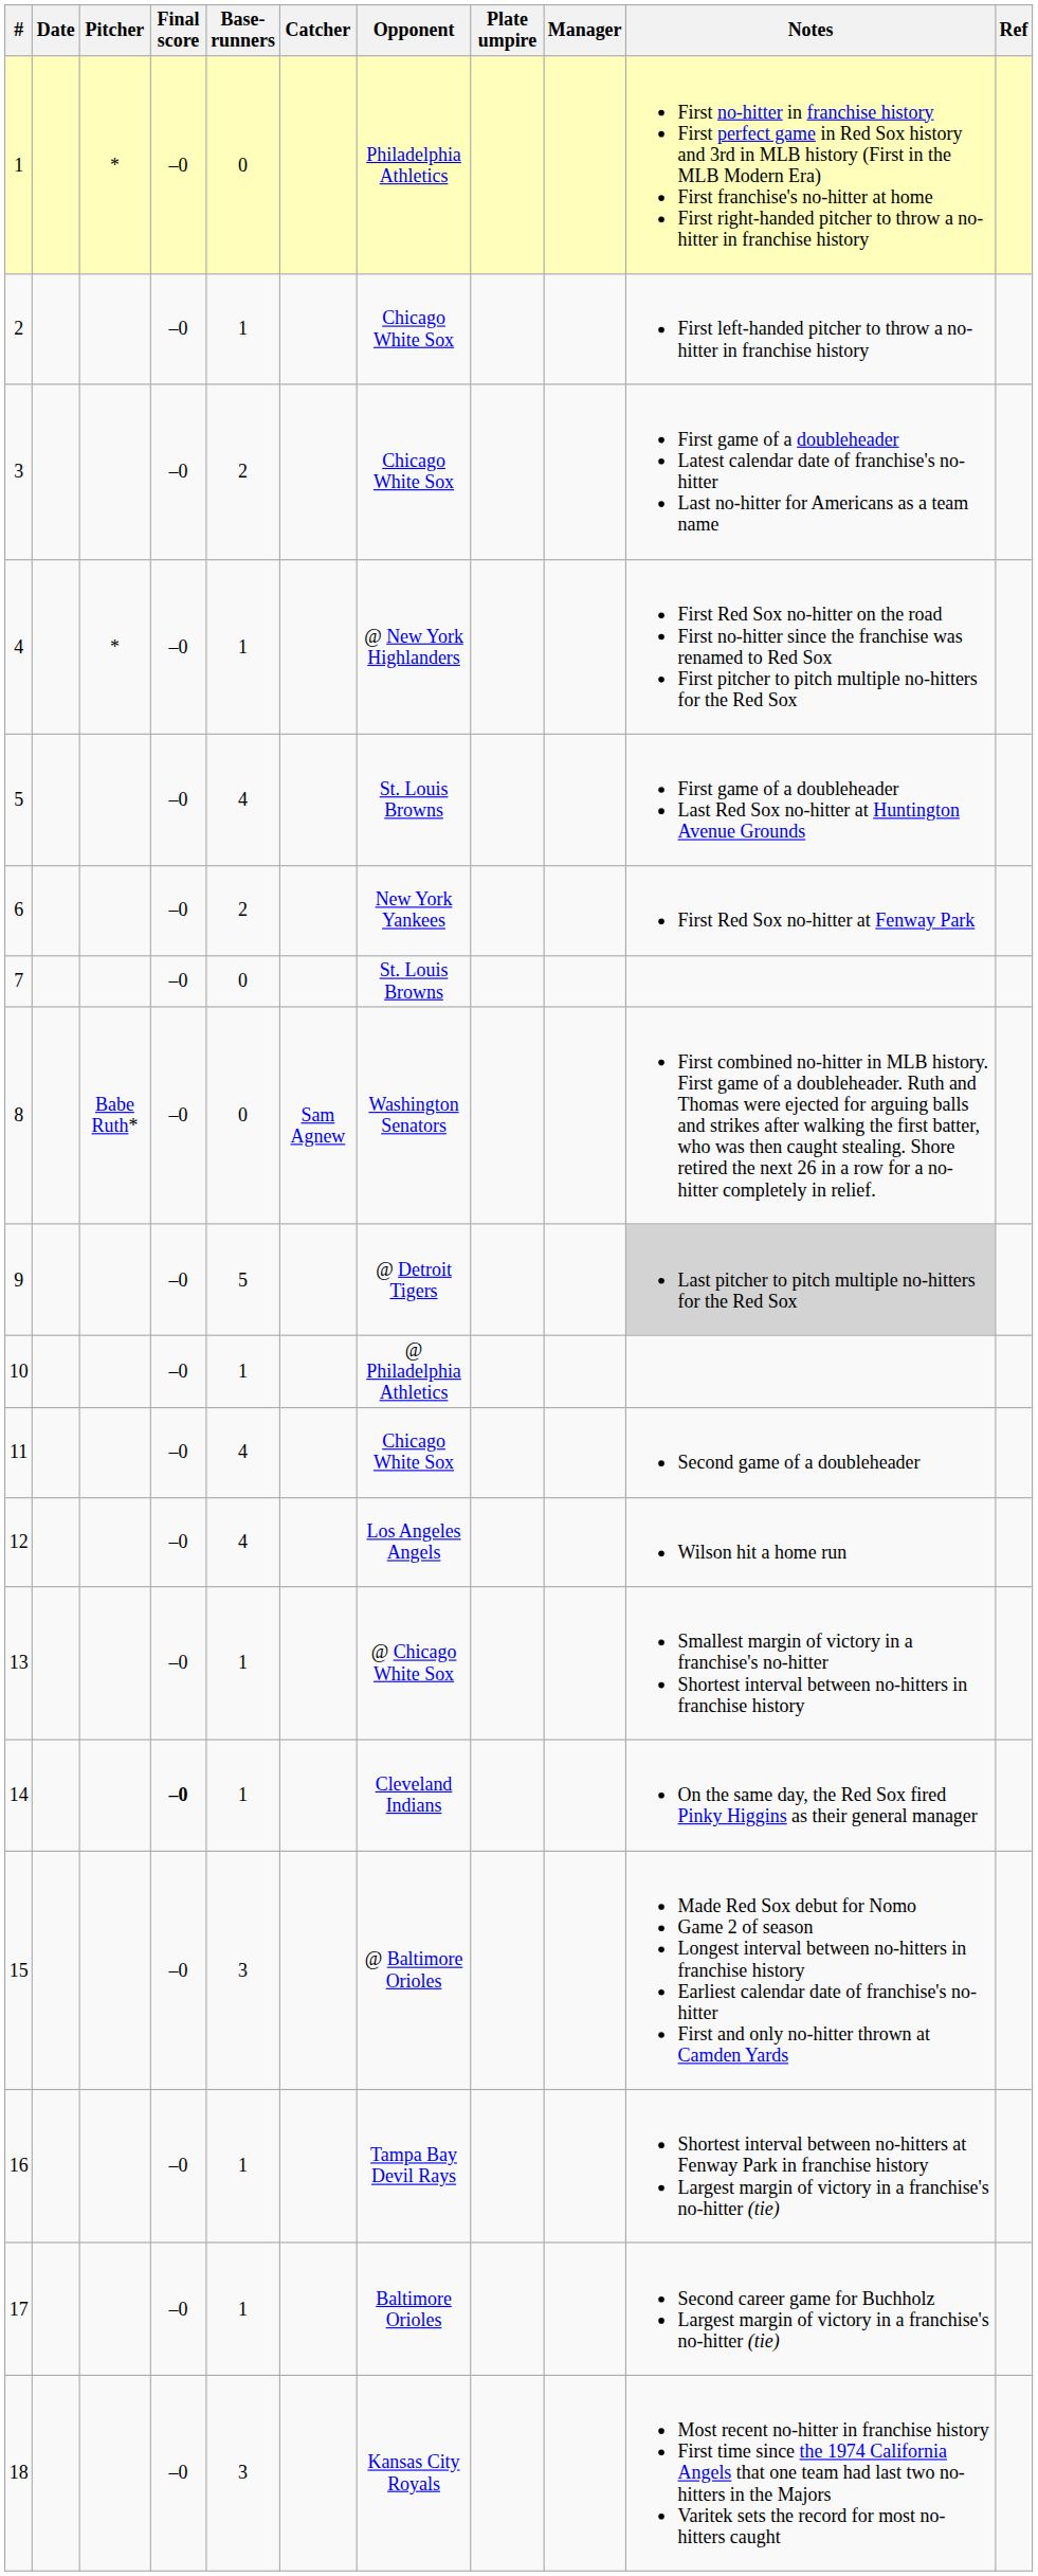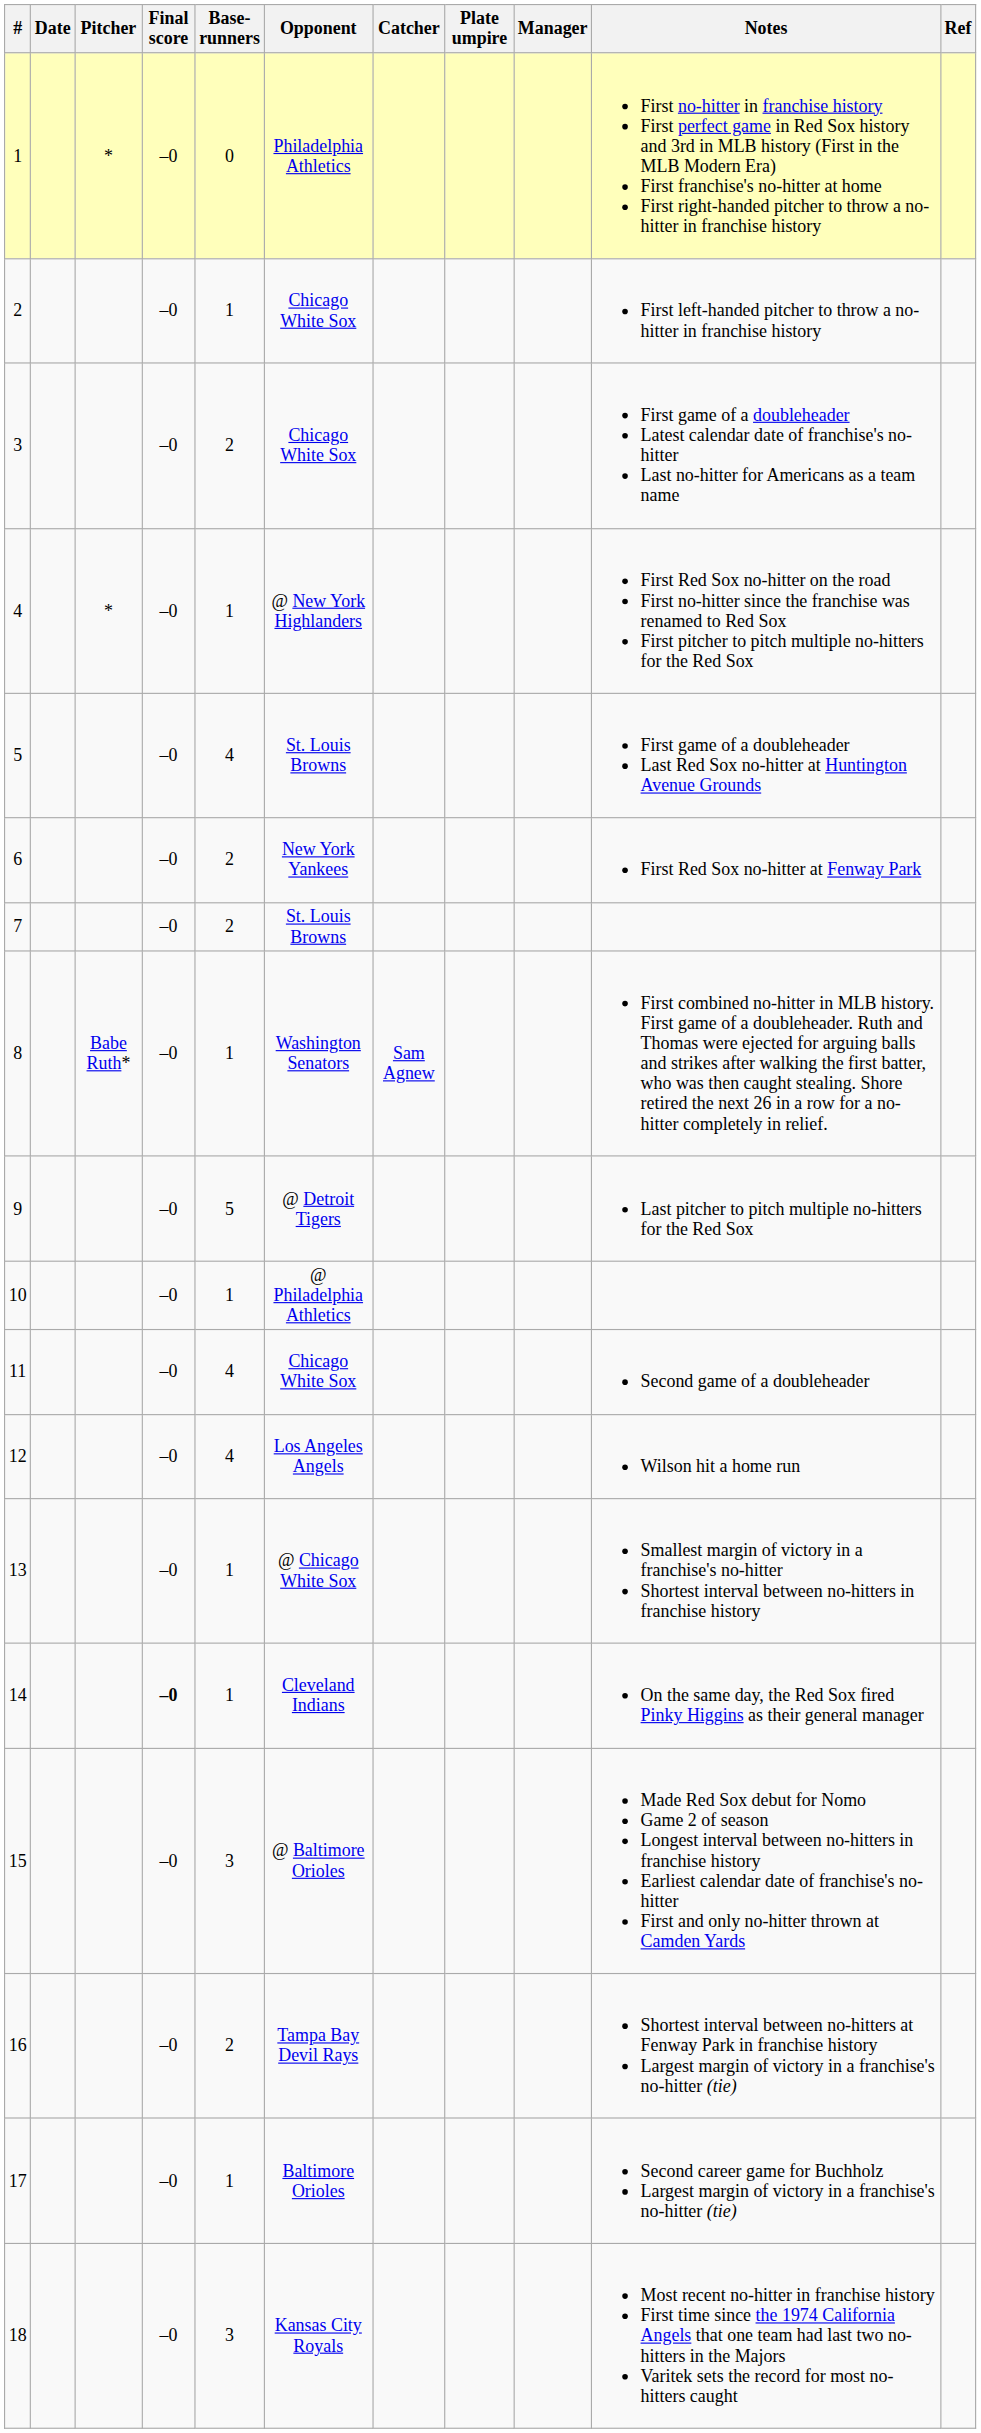 <table class="wikitable sortable" style="text-align:center" border="1">
 <tr>
 <th>#</th>
 <th>Date</th>
 <th>Pitcher</th>
 <th>Final score</th>
 <th>Base-<br>runners</th>
+<th>Opponent</th>
 <th>Catcher</th>
-<th>Opponent</th>
 <th>Plate umpire</th>
 <th>Manager</th>
 <th class="unsortable">Notes</th>
 <th class="unsortable">Ref</th>
 </tr>
 <tr bgcolor="#ffffbb">
 <td>1</td>
 <td></td>
 <td>* </td>
 <td>–0</td>
 <td>0</td>
+<td><a href='#'>Philadelphia Athletics</a></td>
 <td> </td>
-<td><a href='#'>Philadelphia Athletics</a></td>
 <td></td>
 <td> </td>
 <td align="left"><br><ul><li>First <a href='#'>no-hitter</a> in <a href='#'>franchise history</a></li><li>First <a href='#'>perfect game</a> in Red Sox history and 3rd in MLB history (First in the MLB Modern Era)</li><li>First franchise's no-hitter at home</li><li>First right-handed pitcher to throw a no-hitter in franchise history</li></ul></td>
 <td></td>
 </tr>
 <tr>
 <td>2</td>
 <td></td>
 <td></td>
 <td>–0</td>
 <td>1</td>
+<td><a href='#'>Chicago White Sox</a></td>
 <td></td>
-<td><a href='#'>Chicago White Sox</a></td>
 <td></td>
 <td> </td>
 <td align="left"><br><ul><li>First left-handed pitcher to throw a no-hitter in franchise history</li></ul></td>
 <td></td>
 </tr>
 <tr>
 <td>3</td>
 <td></td>
 <td></td>
 <td>–0</td>
 <td>2</td>
+<td><a href='#'>Chicago White Sox</a></td>
 <td> </td>
-<td><a href='#'>Chicago White Sox</a></td>
 <td></td>
 <td> </td>
 <td align="left"><br><ul><li>First game of a <a href='#'>doubleheader</a></li><li>Latest calendar date of franchise's no-hitter</li><li>Last no-hitter for Americans as a team name</li></ul></td>
 <td></td>
 </tr>
 <tr>
 <td>4</td>
 <td></td>
 <td>* </td>
 <td>–0</td>
 <td>1</td>
+<td>@ <a href='#'>New York Highlanders</a></td>
 <td> </td>
-<td>@ <a href='#'>New York Highlanders</a></td>
 <td> </td>
 <td></td>
 <td align="left"><br><ul><li>First Red Sox no-hitter on the road</li><li>First no-hitter since the franchise was renamed to Red Sox</li><li>First pitcher to pitch multiple no-hitters for the Red Sox</li></ul></td>
 <td></td>
 </tr>
 <tr>
 <td>5</td>
 <td></td>
 <td></td>
 <td>–0</td>
 <td>4</td>
+<td><a href='#'>St. Louis Browns</a></td>
 <td> </td>
-<td><a href='#'>St. Louis Browns</a></td>
 <td> </td>
 <td></td>
 <td align="left"><br><ul><li>First game of a doubleheader</li><li>Last Red Sox no-hitter at <a href='#'>Huntington Avenue Grounds</a></li></ul></td>
 <td></td>
 </tr>
 <tr>
 <td>6</td>
 <td></td>
 <td></td>
 <td>–0</td>
 <td>2</td>
+<td><a href='#'>New York Yankees</a></td>
 <td> </td>
-<td><a href='#'>New York Yankees</a></td>
 <td></td>
 <td> </td>
 <td align="left"><br><ul><li>First Red Sox no-hitter at <a href='#'>Fenway Park</a></li></ul></td>
 <td></td>
 </tr>
 <tr>
 <td>7</td>
 <td></td>
 <td> </td>
 <td>–0</td>
-<td>0</td>
+<td>2</td>
+<td><a href='#'>St. Louis Browns</a></td>
 <td> </td>
-<td><a href='#'>St. Louis Browns</a></td>
 <td> </td>
 <td> </td>
 <td align="left"></td>
 <td></td>
 </tr>
 <tr>
 <td>8</td>
 <td></td>
 <td><a href='#'>Babe Ruth</a>* <br> </td>
 <td>–0</td>
-<td>0</td>
+<td>1</td>
+<td><a href='#'>Washington Senators</a></td>
 <td> <br><a href='#'>Sam Agnew</a> </td>
-<td><a href='#'>Washington Senators</a></td>
 <td> </td>
 <td></td>
 <td align="left"><br><ul><li>First combined no-hitter in MLB history. First game of a doubleheader. Ruth and Thomas were ejected for arguing balls and strikes after walking the first batter, who was then caught stealing. Shore retired the next 26 in a row for a no-hitter completely in relief.</li></ul></td>
 <td></td>
 </tr>
 <tr>
 <td>9</td>
 <td></td>
 <td> </td>
 <td>–0</td>
 <td>5</td>
-<td> </td>
 <td>@ <a href='#'>Detroit Tigers</a></td>
 <td> </td>
+<td> </td>
 <td></td>
-<td align="left" style="background: lightgrey;"><br><ul><li>Last pitcher to pitch multiple no-hitters for the Red Sox</li></ul></td>
+<td align="left"><br><ul><li>Last pitcher to pitch multiple no-hitters for the Red Sox</li></ul></td>
 <td></td>
 </tr>
 <tr>
 <td>10</td>
 <td></td>
 <td></td>
 <td>–0</td>
 <td>1</td>
+<td>@ <a href='#'>Philadelphia Athletics</a></td>
 <td></td>
-<td>@ <a href='#'>Philadelphia Athletics</a></td>
 <td> </td>
 <td></td>
 <td align="left"></td>
 <td></td>
 </tr>
 <tr>
 <td>11</td>
 <td></td>
 <td></td>
 <td>–0</td>
 <td>4</td>
+<td><a href='#'>Chicago White Sox</a></td>
 <td></td>
-<td><a href='#'>Chicago White Sox</a></td>
 <td></td>
 <td> </td>
 <td align="left"><br><ul><li>Second game of a doubleheader</li></ul></td>
 <td></td>
 </tr>
 <tr>
 <td>12</td>
 <td></td>
 <td></td>
 <td>–0</td>
 <td>4</td>
+<td><a href='#'>Los Angeles Angels</a></td>
 <td> </td>
-<td><a href='#'>Los Angeles Angels</a></td>
 <td></td>
 <td> </td>
 <td align="left"><br><ul><li>Wilson hit a home run</li></ul></td>
 <td></td>
 </tr>
 <tr>
 <td>13</td>
 <td></td>
 <td></td>
 <td>–0</td>
 <td>1</td>
+<td>@ <a href='#'>Chicago White Sox</a></td>
 <td></td>
-<td>@ <a href='#'>Chicago White Sox</a></td>
 <td></td>
 <td> </td>
 <td align="left"><br><ul><li>Smallest margin of victory in a franchise's no-hitter</li><li>Shortest interval between no-hitters in franchise history</li></ul></td>
 <td></td>
 </tr>
 <tr>
 <td>14</td>
 <td></td>
 <td></td>
 <td><strong>–0</strong></td>
 <td>1</td>
+<td><a href='#'>Cleveland Indians</a></td>
 <td> </td>
-<td><a href='#'>Cleveland Indians</a></td>
 <td></td>
 <td></td>
 <td align="left"><br><ul><li>On the same day, the Red Sox fired <a href='#'>Pinky Higgins</a> as their general manager</li></ul></td>
 <td></td>
 </tr>
 <tr>
 <td>15</td>
 <td></td>
 <td></td>
 <td>–0</td>
 <td>3</td>
+<td>@ <a href='#'>Baltimore Orioles</a></td>
 <td> </td>
-<td>@ <a href='#'>Baltimore Orioles</a></td>
 <td></td>
 <td></td>
 <td align="left"><br><ul><li>Made Red Sox debut for Nomo</li><li>Game 2 of season</li><li>Longest interval between no-hitters in franchise history</li><li>Earliest calendar date of franchise's no-hitter</li><li>First and only no-hitter thrown at <a href='#'>Camden Yards</a></li></ul></td>
 <td></td>
 </tr>
 <tr>
 <td>16</td>
 <td></td>
 <td></td>
 <td>–0</td>
-<td>1</td>
+<td>2</td>
+<td><a href='#'>Tampa Bay Devil Rays</a></td>
 <td> </td>
-<td><a href='#'>Tampa Bay Devil Rays</a></td>
 <td></td>
 <td></td>
 <td align="left"><br><ul><li>Shortest interval between no-hitters at Fenway Park in franchise history</li><li>Largest margin of victory in a franchise's no-hitter <em>(tie)</em></li></ul></td>
 <td></td>
 </tr>
 <tr>
 <td>17</td>
 <td></td>
 <td></td>
 <td>–0</td>
 <td>1</td>
+<td><a href='#'>Baltimore Orioles</a></td>
 <td> </td>
-<td><a href='#'>Baltimore Orioles</a></td>
 <td></td>
 <td> </td>
 <td align="left"><br><ul><li>Second career game for Buchholz</li><li>Largest margin of victory in a franchise's no-hitter <em>(tie)</em></li></ul></td>
 <td></td>
 </tr>
 <tr>
 <td>18</td>
 <td></td>
 <td></td>
 <td>–0</td>
 <td>3</td>
+<td><a href='#'>Kansas City Royals</a></td>
 <td> </td>
-<td><a href='#'>Kansas City Royals</a></td>
 <td></td>
 <td> </td>
 <td align="left"><br><ul><li>Most recent no-hitter in franchise history</li><li>First time since <a href='#'>the 1974 California Angels</a> that one team had last two no-hitters in the Majors</li><li>Varitek sets the record for most no-hitters caught</li></ul></td>
 <td></td>
 </tr>
 </table>
